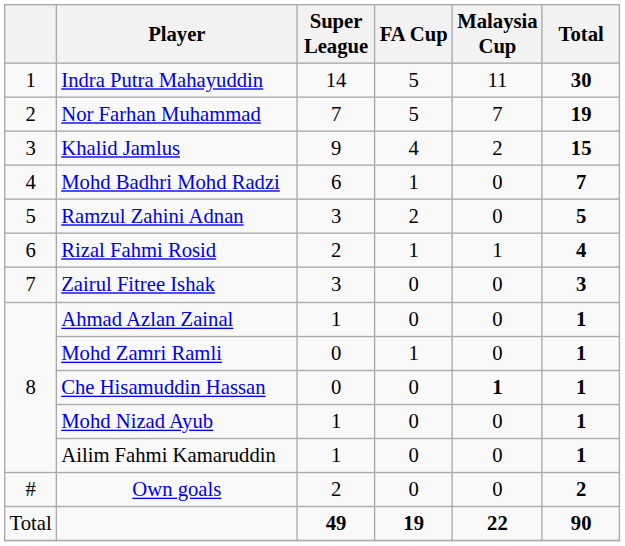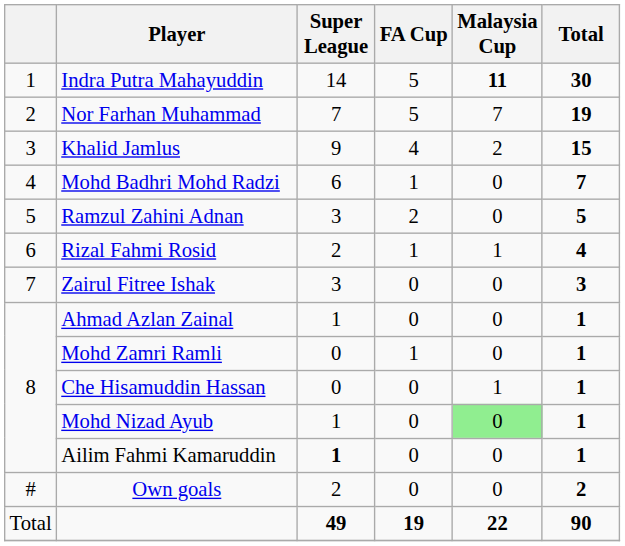 <table class="wikitable sortable" style="font-size: 95%; text-align: center;">
 <tr>
 <th width=10></th>
 <th width=170>Player</th>
 <th width=50>Super League</th>
 <th width=50>FA Cup</th>
 <th width=50>Malaysia Cup</th>
 <th width=50>Total</th>
 </tr>
 <tr>
 <td align=center rowspan=1>1</td>
 <td align=left> <a href='#'>Indra Putra Mahayuddin</a></td>
 <td align=center>14</td>
 <td align=center>5</td>
-<td align=center>11</td>
+<td align=center><strong>11</strong></td>
 <td align=center><strong>30</strong></td>
 </tr>
 <tr>
 <td align=center rowspan=1>2</td>
 <td align=left> <a href='#'>Nor Farhan Muhammad</a></td>
 <td align=center>7</td>
 <td align=center>5</td>
 <td align=center>7</td>
 <td align=center><strong>19</strong></td>
 </tr>
 <tr>
 <td align=center rowspan=1>3</td>
 <td align=left> <a href='#'>Khalid Jamlus</a></td>
 <td align=center>9</td>
 <td align=center>4</td>
 <td align=center>2</td>
 <td align=center><strong>15</strong></td>
 </tr>
 <tr>
 <td align=center rowspan=1>4</td>
 <td align=left> <a href='#'>Mohd Badhri Mohd Radzi</a></td>
 <td align=center>6</td>
 <td align=center>1</td>
 <td align=center>0</td>
 <td align=center><strong>7</strong></td>
 </tr>
 <tr>
 <td align=center rowspan=1>5</td>
 <td align=left> <a href='#'>Ramzul Zahini Adnan</a></td>
 <td align=center>3</td>
 <td align=center>2</td>
 <td align=center>0</td>
 <td align=center><strong>5</strong></td>
 </tr>
 <tr>
 <td align=center rowspan=1>6</td>
 <td align=left> <a href='#'>Rizal Fahmi Rosid</a></td>
 <td align=center>2</td>
 <td align=center>1</td>
 <td align=center>1</td>
 <td align=center><strong>4</strong></td>
 </tr>
 <tr>
 <td align=center rowspan=1>7</td>
 <td align=left> <a href='#'>Zairul Fitree Ishak</a></td>
 <td align=center>3</td>
 <td align=center>0</td>
 <td align=center>0</td>
 <td align=center><strong>3</strong></td>
 </tr>
 <tr>
 <td align=center rowspan=5>8</td>
 <td align=left> <a href='#'>Ahmad Azlan Zainal</a></td>
 <td align=center>1</td>
 <td align=center>0</td>
 <td align=center>0</td>
 <td align=center><strong>1</strong></td>
 </tr>
 <tr>
 <td align=left> <a href='#'>Mohd Zamri Ramli</a></td>
 <td align=center>0</td>
 <td align=center>1</td>
 <td align=center>0</td>
 <td align=center><strong>1</strong></td>
 </tr>
 <tr>
 <td align=left> <a href='#'>Che Hisamuddin Hassan</a></td>
 <td align=center>0</td>
 <td align=center>0</td>
-<td align=center><strong>1</strong></td>
+<td align=center>1</td>
 <td align=center><strong>1</strong></td>
 </tr>
 <tr>
 <td align=left> <a href='#'>Mohd Nizad Ayub</a></td>
 <td align=center>1</td>
 <td align=center>0</td>
-<td align=center>0</td>
+<td align=center style="background: lightgreen;">0</td>
 <td align=center><strong>1</strong></td>
 </tr>
 <tr>
 <td align=left> Ailim Fahmi Kamaruddin</td>
-<td align=center>1</td>
+<td align=center><strong>1</strong></td>
 <td align=center>0</td>
 <td align=center>0</td>
 <td align=center><strong>1</strong></td>
 </tr>
 <tr>
 <td>#</td>
 <td colspan="1"><a href='#'>Own goals</a></td>
 <td>2</td>
 <td>0</td>
 <td>0</td>
 <td><strong>2</strong></td>
 </tr>
 <tr>
 <td align=center rowspan=1>Total</td>
 <td></td>
 <td align=center><strong>49</strong></td>
 <td align=center><strong>19</strong></td>
 <td align=center><strong>22</strong></td>
 <td align=center><strong>90</strong></td>
 </tr>
 <tr>
 </tr>
 </table>
